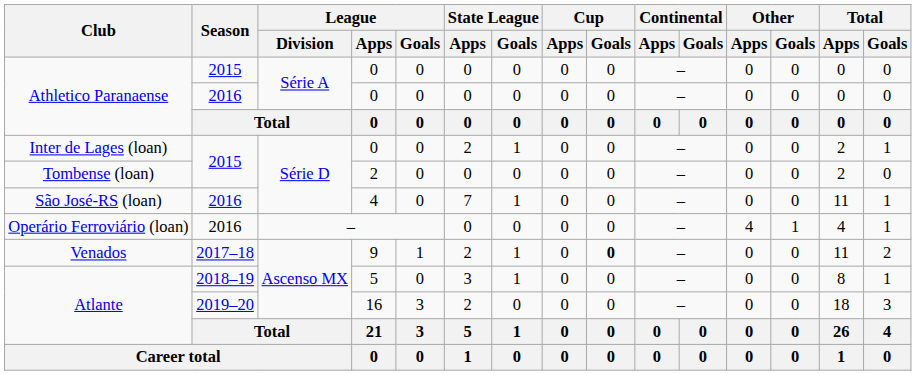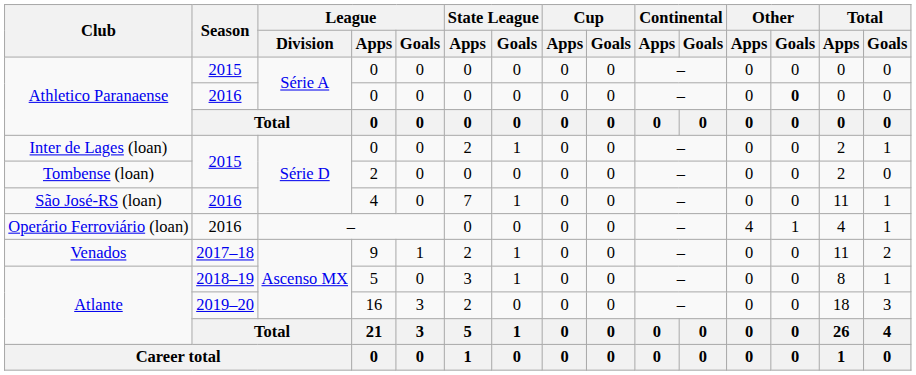 <table class="wikitable" style="text-align: center">
 <tr>
 <th rowspan="2">Club</th>
 <th rowspan="2">Season</th>
 <th colspan="3">League</th>
 <th colspan="2">State League</th>
 <th colspan="2">Cup</th>
 <th colspan="2">Continental</th>
 <th colspan="2">Other</th>
 <th colspan="2">Total</th>
 </tr>
 <tr>
 <th>Division</th>
 <th>Apps</th>
 <th>Goals</th>
 <th>Apps</th>
 <th>Goals</th>
 <th>Apps</th>
 <th>Goals</th>
 <th>Apps</th>
 <th>Goals</th>
 <th>Apps</th>
 <th>Goals</th>
 <th>Apps</th>
 <th>Goals</th>
 </tr>
 <tr>
 <td rowspan="3"><a href='#'>Athletico Paranaense</a></td>
 <td><a href='#'>2015</a></td>
 <td rowspan="2"><a href='#'>Série A</a></td>
 <td>0</td>
 <td>0</td>
 <td>0</td>
 <td>0</td>
 <td>0</td>
 <td>0</td>
 <td colspan="2">–</td>
 <td>0</td>
 <td>0</td>
 <td>0</td>
 <td>0</td>
 </tr>
 <tr>
 <td><a href='#'>2016</a></td>
 <td>0</td>
 <td>0</td>
 <td>0</td>
 <td>0</td>
 <td>0</td>
 <td>0</td>
 <td colspan="2">–</td>
 <td>0</td>
-<td>0</td>
+<td><strong>0</strong></td>
 <td>0</td>
 <td>0</td>
 </tr>
 <tr>
 <th colspan="2">Total</th>
 <th>0</th>
 <th>0</th>
 <th>0</th>
 <th>0</th>
 <th>0</th>
 <th>0</th>
 <th>0</th>
 <th>0</th>
 <th>0</th>
 <th>0</th>
 <th>0</th>
 <th>0</th>
 </tr>
 <tr>
 <td><a href='#'>Inter de Lages</a> (loan)</td>
 <td rowspan="2"><a href='#'>2015</a></td>
 <td rowspan="3"><a href='#'>Série D</a></td>
 <td>0</td>
 <td>0</td>
 <td>2</td>
 <td>1</td>
 <td>0</td>
 <td>0</td>
 <td colspan="2">–</td>
 <td>0</td>
 <td>0</td>
 <td>2</td>
 <td>1</td>
 </tr>
 <tr>
 <td><a href='#'>Tombense</a> (loan)</td>
 <td>2</td>
 <td>0</td>
 <td>0</td>
 <td>0</td>
 <td>0</td>
 <td>0</td>
 <td colspan="2">–</td>
 <td>0</td>
 <td>0</td>
 <td>2</td>
 <td>0</td>
 </tr>
 <tr>
 <td><a href='#'>São José-RS</a> (loan)</td>
 <td><a href='#'>2016</a></td>
 <td>4</td>
 <td>0</td>
 <td>7</td>
 <td>1</td>
 <td>0</td>
 <td>0</td>
 <td colspan="2">–</td>
 <td>0</td>
 <td>0</td>
 <td>11</td>
 <td>1</td>
 </tr>
 <tr>
 <td><a href='#'>Operário Ferroviário</a> (loan)</td>
 <td>2016</td>
 <td colspan="3">–</td>
 <td>0</td>
 <td>0</td>
 <td>0</td>
 <td>0</td>
 <td colspan="2">–</td>
 <td>4</td>
 <td>1</td>
 <td>4</td>
 <td>1</td>
 </tr>
 <tr>
 <td><a href='#'>Venados</a></td>
 <td><a href='#'>2017–18</a></td>
 <td rowspan="3"><a href='#'>Ascenso MX</a></td>
 <td>9</td>
 <td>1</td>
 <td>2</td>
 <td>1</td>
 <td>0</td>
-<td><strong>0</strong></td>
+<td>0</td>
 <td colspan="2">–</td>
 <td>0</td>
 <td>0</td>
 <td>11</td>
 <td>2</td>
 </tr>
 <tr>
 <td rowspan="3"><a href='#'>Atlante</a></td>
 <td><a href='#'>2018–19</a></td>
 <td>5</td>
 <td>0</td>
 <td>3</td>
 <td>1</td>
 <td>0</td>
 <td>0</td>
 <td colspan="2">–</td>
 <td>0</td>
 <td>0</td>
 <td>8</td>
 <td>1</td>
 </tr>
 <tr>
 <td><a href='#'>2019–20</a></td>
 <td>16</td>
 <td>3</td>
 <td>2</td>
 <td>0</td>
 <td>0</td>
 <td>0</td>
 <td colspan="2">–</td>
 <td>0</td>
 <td>0</td>
 <td>18</td>
 <td>3</td>
 </tr>
 <tr>
 <th colspan="2">Total</th>
 <th>21</th>
 <th>3</th>
 <th>5</th>
 <th>1</th>
 <th>0</th>
 <th>0</th>
 <th>0</th>
 <th>0</th>
 <th>0</th>
 <th>0</th>
 <th>26</th>
 <th>4</th>
 </tr>
 <tr>
 <th colspan="3">Career total</th>
 <th>0</th>
 <th>0</th>
 <th>1</th>
 <th>0</th>
 <th>0</th>
 <th>0</th>
 <th>0</th>
 <th>0</th>
 <th>0</th>
 <th>0</th>
 <th>1</th>
 <th>0</th>
 </tr>
 </table>
